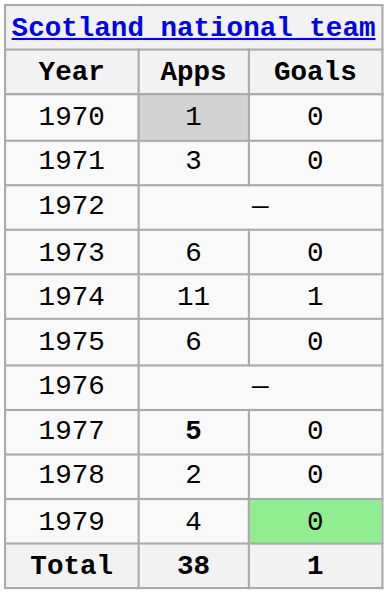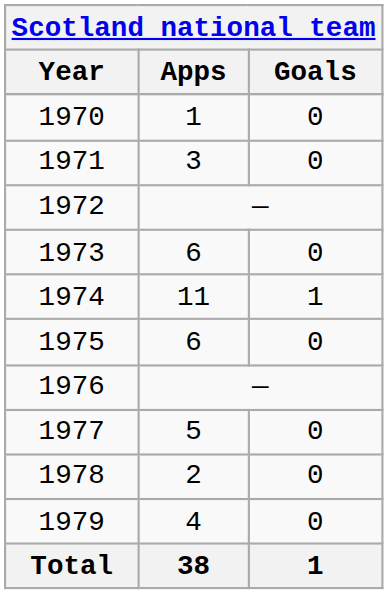 <table class="wikitable" style="text-align:center">
 <tr>
 <th colspan=3><a href='#'>Scotland national team</a></th>
 </tr>
 <tr>
 <th>Year</th>
 <th>Apps</th>
 <th>Goals</th>
 </tr>
 <tr>
 </tr>
 <tr>
 <td>1970</td>
-<td style="background: lightgrey;">1</td>
+<td>1</td>
 <td>0</td>
 </tr>
 <tr>
 <td>1971</td>
 <td>3</td>
 <td>0</td>
 </tr>
 <tr>
 <td>1972</td>
 <td colspan=2>—</td>
 </tr>
 <tr>
 <td>1973</td>
 <td>6</td>
 <td>0</td>
 </tr>
 <tr>
 <td>1974</td>
 <td>11</td>
 <td>1</td>
 </tr>
 <tr>
 <td>1975</td>
 <td>6</td>
 <td>0</td>
 </tr>
 <tr>
 <td>1976</td>
 <td colspan=2>—</td>
 </tr>
 <tr>
 <td>1977</td>
-<td><strong>5</strong></td>
+<td>5</td>
 <td>0</td>
 </tr>
 <tr>
 <td>1978</td>
 <td>2</td>
 <td>0</td>
 </tr>
 <tr>
 <td>1979</td>
 <td>4</td>
-<td style="background: lightgreen;">0</td>
+<td>0</td>
 </tr>
 <tr>
 <th>Total</th>
 <th>38</th>
 <th>1</th>
 </tr>
 </table>
